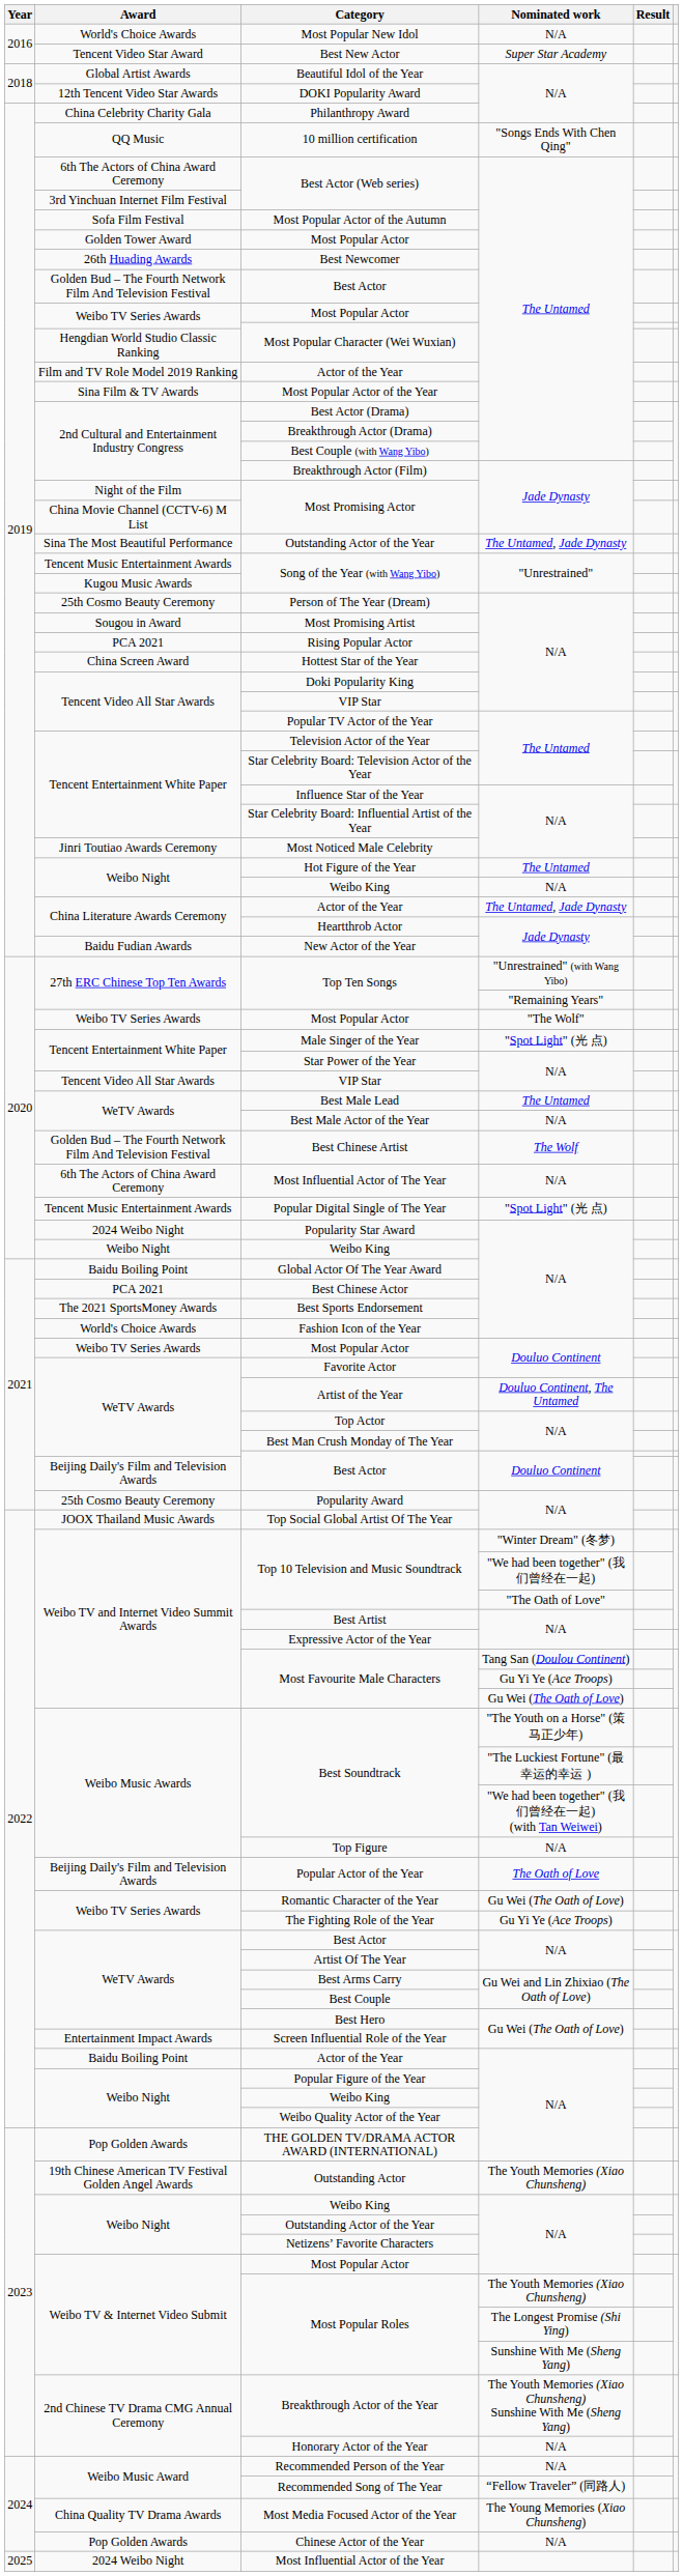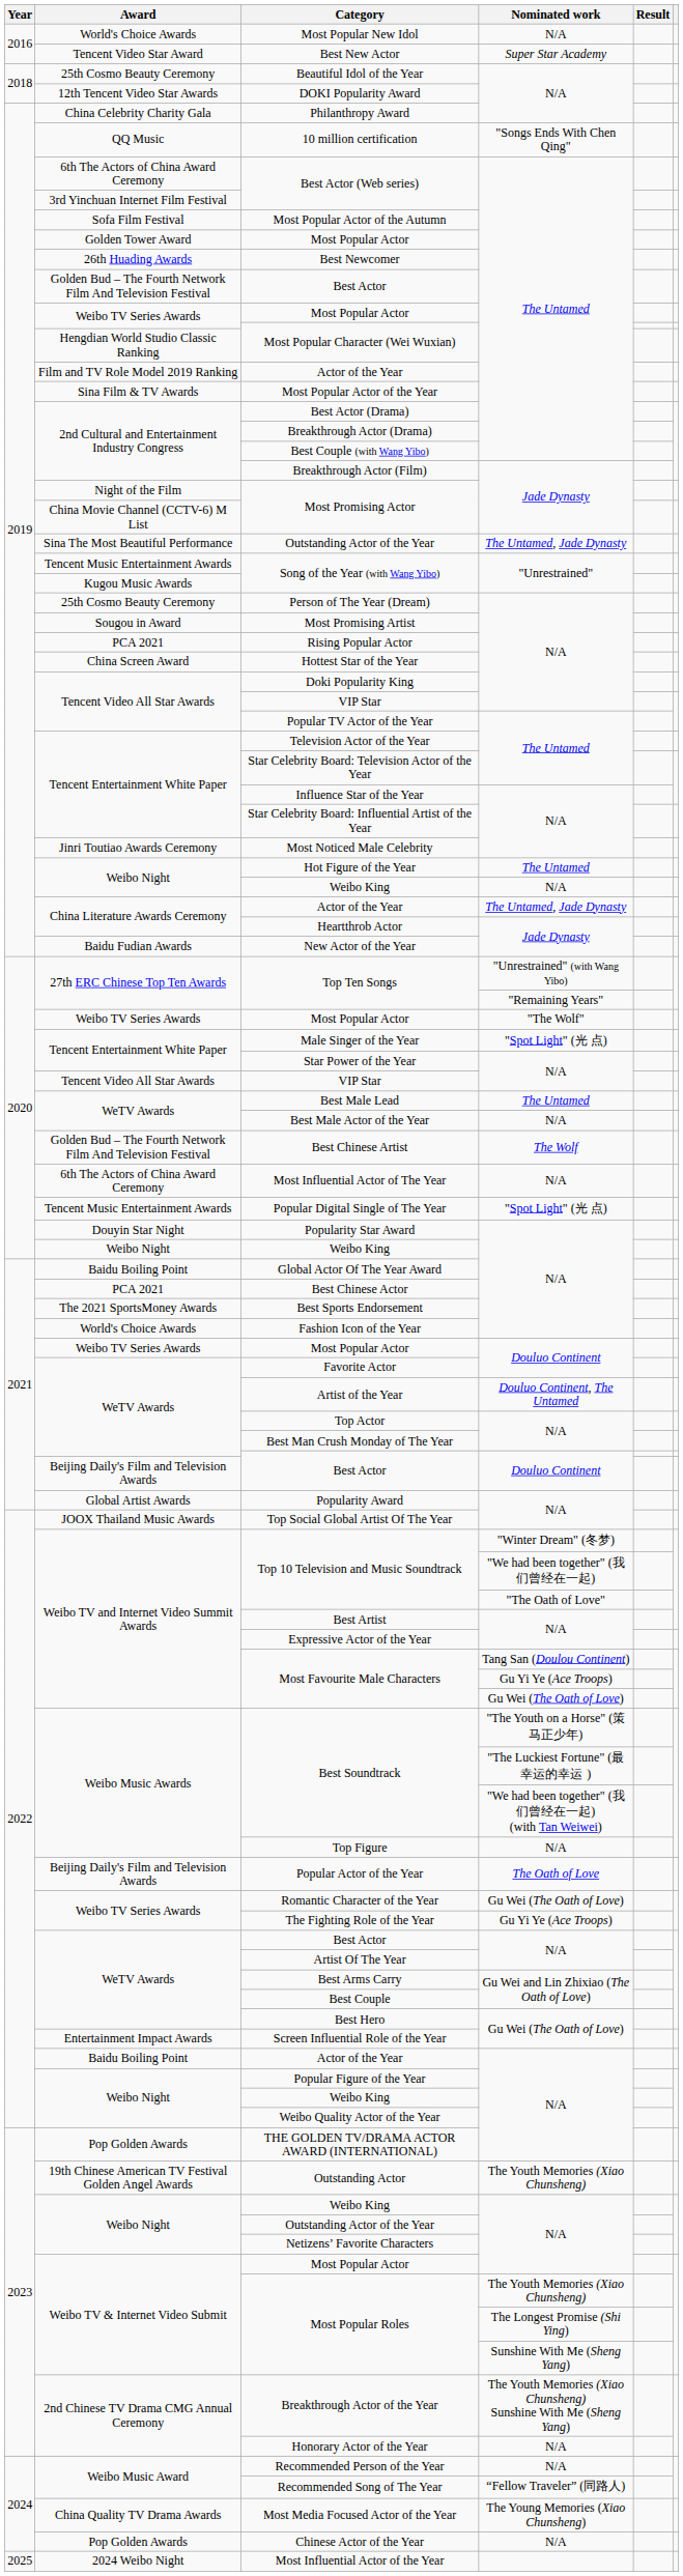 <table class="wikitable sortable plainrowheaders" style="text-align:center;">
 <tr>
 <th>Year</th>
 <th>Award</th>
 <th>Category</th>
 <th>Nominated work</th>
 <th>Result</th>
 <th class="unsortable"></th>
 </tr>
 <tr>
 <td rowspan=2>2016</td>
 <td>World's Choice Awards‌</td>
 <td>Most Popular New Idol</td>
 <td>N/A</td>
 <td></td>
 <td></td>
 </tr>
 <tr>
 <td>Tencent Video Star Award</td>
 <td>Best New Actor</td>
 <td><em>Super Star Academy</em></td>
 <td></td>
 <td></td>
 </tr>
 <tr>
 <td rowspan=2>2018</td>
-<td>Global Artist Awards</td>
+<td>25th Cosmo Beauty Ceremony</td>
 <td>Beautiful Idol of the Year</td>
 <td rowspan="3">N/A</td>
 <td></td>
 <td></td>
 </tr>
 <tr>
 <td>12th Tencent Video Star Awards</td>
 <td>DOKI Popularity Award</td>
 <td></td>
 <td></td>
 </tr>
 <tr>
 <td rowspan="39">2019</td>
 <td>China Celebrity Charity Gala</td>
 <td>Philanthropy Award</td>
 <td></td>
 <td></td>
 </tr>
 <tr>
 <td>QQ Music</td>
 <td>10 million certification</td>
 <td>"Songs Ends With Chen Qing"</td>
 <td></td>
 <td></td>
 </tr>
 <tr>
 <td>6th The Actors of China Award Ceremony</td>
 <td rowspan=2>Best Actor (Web series)</td>
 <td rowspan="14"><em><a href='#'>The Untamed</a></em></td>
 <td></td>
 <td></td>
 </tr>
 <tr>
 <td>3rd Yinchuan Internet Film Festival</td>
 <td></td>
 <td></td>
 </tr>
 <tr>
 <td>Sofa Film Festival</td>
 <td>Most Popular Actor of the Autumn</td>
 <td></td>
 <td></td>
 </tr>
 <tr>
 <td>Golden Tower Award</td>
 <td>Most Popular Actor</td>
 <td></td>
 <td></td>
 </tr>
 <tr>
 <td>26th <a href='#'>Huading Awards</a></td>
 <td>Best Newcomer</td>
 <td></td>
 <td></td>
 </tr>
 <tr>
 <td>Golden Bud – The Fourth Network Film And Television Festival</td>
 <td>Best Actor</td>
 <td></td>
 <td></td>
 </tr>
 <tr>
 <td rowspan=2>Weibo TV Series Awards</td>
 <td>Most Popular Actor</td>
 <td></td>
 <td></td>
 </tr>
 <tr>
 <td rowspan=2>Most Popular Character (Wei Wuxian)</td>
 <td></td>
 <td></td>
 </tr>
 <tr>
 <td>Hengdian World Studio Classic Ranking</td>
 <td></td>
 <td></td>
 </tr>
 <tr>
 <td>Film and TV Role Model 2019 Ranking</td>
 <td>Actor of the Year</td>
 <td></td>
 <td></td>
 </tr>
 <tr>
 <td>Sina Film & TV Awards</td>
 <td>Most Popular Actor of the Year</td>
 <td></td>
 <td></td>
 </tr>
 <tr>
 <td rowspan=4>2nd Cultural and Entertainment Industry Congress</td>
 <td>Best Actor (Drama)</td>
 <td></td>
 <td rowspan=4></td>
 </tr>
 <tr>
 <td>Breakthrough Actor (Drama)</td>
 <td></td>
 </tr>
 <tr>
 <td>Best Couple <small>(with <a href='#'>Wang Yibo</a>)</small></td>
 <td></td>
 </tr>
 <tr>
 <td>Breakthrough Actor (Film)</td>
 <td rowspan=3><em><a href='#'>Jade Dynasty</a></em></td>
 <td></td>
 </tr>
 <tr>
 <td>Night of the Film</td>
 <td rowspan=2>Most Promising Actor</td>
 <td></td>
 <td></td>
 </tr>
 <tr>
 <td>China Movie Channel (CCTV-6) M List</td>
 <td></td>
 <td></td>
 </tr>
 <tr>
 <td>Sina The Most Beautiful Performance</td>
 <td>Outstanding Actor of the Year</td>
 <td><em><a href='#'>The Untamed</a></em>, <em><a href='#'>Jade Dynasty</a></em></td>
 <td></td>
 <td></td>
 </tr>
 <tr>
 <td>Tencent Music Entertainment Awards</td>
 <td rowspan=2>Song of the Year <small>(with <a href='#'>Wang Yibo</a>)</small></td>
 <td rowspan=2! scope=row>"Unrestrained"</td>
 <td></td>
 <td></td>
 </tr>
 <tr>
 <td>Kugou Music Awards</td>
 <td></td>
 <td></td>
 </tr>
 <tr>
 <td>25th Cosmo Beauty Ceremony</td>
 <td>Person of The Year (Dream)</td>
 <td rowspan="6">N/A</td>
 <td></td>
 <td></td>
 </tr>
 <tr>
 <td>Sougou in Award</td>
 <td>Most Promising Artist</td>
 <td></td>
 <td></td>
 </tr>
 <tr>
 <td>PCA 2021</td>
 <td>Rising Popular Actor</td>
 <td></td>
 <td></td>
 </tr>
 <tr>
 <td>China Screen Award</td>
 <td>Hottest Star of the Year</td>
 <td></td>
 <td></td>
 </tr>
 <tr>
 <td rowspan=3>Tencent Video All Star Awards</td>
 <td>Doki Popularity King</td>
 <td></td>
 <td></td>
 </tr>
 <tr>
 <td>VIP Star</td>
 <td></td>
 <td rowspan=2></td>
 </tr>
 <tr>
 <td>Popular TV Actor of the Year</td>
 <td rowspan=3><em><a href='#'>The Untamed</a></em></td>
 <td></td>
 </tr>
 <tr>
 <td rowspan=4>Tencent Entertainment White Paper</td>
 <td>Television Actor of the Year</td>
 <td></td>
 <td></td>
 </tr>
 <tr>
 <td>Star Celebrity Board: Television Actor of the Year</td>
 <td></td>
 <td rowspan=2></td>
 </tr>
 <tr>
 <td>Influence Star of the Year</td>
 <td rowspan="3">N/A</td>
 <td></td>
 </tr>
 <tr>
 <td>Star Celebrity Board: Influential Artist of the Year</td>
 <td></td>
 <td></td>
 </tr>
 <tr>
 <td>Jinri Toutiao Awards Ceremony</td>
 <td>Most Noticed Male Celebrity</td>
 <td></td>
 <td></td>
 </tr>
 <tr>
 <td rowspan=2>Weibo Night</td>
 <td>Hot Figure of the Year</td>
 <td><em><a href='#'>The Untamed</a></em></td>
 <td></td>
 <td></td>
 </tr>
 <tr>
 <td>Weibo King</td>
 <td>N/A</td>
 <td></td>
 <td></td>
 </tr>
 <tr>
 <td rowspan=2>China Literature Awards Ceremony</td>
 <td>Actor of the Year</td>
 <td><em><a href='#'>The Untamed</a></em>, <em><a href='#'>Jade Dynasty</a></em></td>
 <td></td>
 <td></td>
 </tr>
 <tr>
 <td>Heartthrob Actor</td>
 <td rowspan="2"><em><a href='#'>Jade Dynasty</a></em></td>
 <td></td>
 <td></td>
 </tr>
 <tr>
 <td>Baidu Fudian Awards</td>
 <td>New Actor of the Year</td>
 <td></td>
 <td></td>
 </tr>
 <tr>
 <td rowspan="13">2020</td>
 <td rowspan=2>27th <a href='#'>ERC Chinese Top Ten Awards</a></td>
 <td rowspan=2>Top Ten Songs</td>
 <td>"Unrestrained" <small>(with Wang Yibo)</small></td>
 <td></td>
 <td rowspan=2></td>
 </tr>
 <tr>
 <td>"Remaining Years"</td>
 <td></td>
 </tr>
 <tr>
 <td>Weibo TV Series Awards</td>
 <td>Most Popular Actor</td>
 <td>"The Wolf"</td>
 <td></td>
 <td></td>
 </tr>
 <tr>
 <td rowspan=2>Tencent Entertainment White Paper</td>
 <td>Male Singer of the Year</td>
 <td>"<a href='#'>Spot Light</a>" (光 点)</td>
 <td></td>
 <td></td>
 </tr>
 <tr>
 <td>Star Power of the Year</td>
 <td rowspan="2">N/A</td>
 <td></td>
 <td></td>
 </tr>
 <tr>
 <td>Tencent Video All Star Awards</td>
 <td>VIP Star</td>
 <td></td>
 <td></td>
 </tr>
 <tr>
 <td rowspan=2>WeTV Awards</td>
 <td>Best Male Lead</td>
 <td><em><a href='#'>The Untamed</a></em></td>
 <td></td>
 <td></td>
 </tr>
 <tr>
 <td>Best Male Actor of the Year</td>
 <td>N/A</td>
 <td></td>
 <td></td>
 </tr>
 <tr>
 <td>Golden Bud – The Fourth Network Film And Television Festival</td>
 <td>Best Chinese Artist</td>
 <td><em><a href='#'>The Wolf</a></em></td>
 <td></td>
 <td></td>
 </tr>
 <tr>
 <td>6th The Actors of China Award Ceremony</td>
 <td>Most Influential Actor of The Year</td>
 <td>N/A</td>
 <td></td>
 <td></td>
 </tr>
 <tr>
 <td>Tencent Music Entertainment Awards</td>
 <td>Popular Digital Single of The Year</td>
 <td>"<a href='#'>Spot Light</a>" (光 点)</td>
 <td></td>
 <td></td>
 </tr>
 <tr>
-<td>2024 Weibo Night</td>
+<td>Douyin Star Night</td>
 <td>Popularity Star Award</td>
 <td rowspan="6">N/A</td>
 <td></td>
 <td></td>
 </tr>
 <tr>
 <td>Weibo Night</td>
 <td>Weibo King</td>
 <td></td>
 <td></td>
 </tr>
 <tr>
 <td rowspan="12">2021</td>
 <td>Baidu Boiling Point</td>
 <td>Global Actor Of The Year Award</td>
 <td></td>
 <td></td>
 </tr>
 <tr>
 <td>PCA 2021</td>
 <td>Best Chinese Actor</td>
 <td></td>
 <td></td>
 </tr>
 <tr>
 <td>The 2021 SportsMoney Awards</td>
 <td>Best Sports Endorsement</td>
 <td></td>
 <td></td>
 </tr>
 <tr>
 <td>World's Choice Awards‌</td>
 <td>Fashion Icon of the Year</td>
 <td></td>
 <td></td>
 </tr>
 <tr>
 <td>Weibo TV Series Awards</td>
 <td>Most Popular Actor</td>
 <td rowspan="2"><em><a href='#'>Douluo Continent</a></em></td>
 <td></td>
 <td></td>
 </tr>
 <tr>
 <td rowspan="5">WeTV Awards</td>
 <td>Favorite Actor</td>
 <td></td>
 <td></td>
 </tr>
 <tr>
 <td>Artist of the Year</td>
 <td><em><a href='#'>Douluo Continent</a>, <a href='#'>The Untamed</a></em></td>
 <td></td>
 <td></td>
 </tr>
 <tr>
 <td>Top Actor</td>
 <td rowspan="2">N/A</td>
 <td></td>
 <td></td>
 </tr>
 <tr>
 <td>Best Man Crush Monday of The Year</td>
 <td></td>
 <td></td>
 </tr>
 <tr>
 <td rowspan="2">Best Actor</td>
 <td rowspan="2"><em><a href='#'>Douluo Continent</a></em></td>
 <td></td>
 <td></td>
 </tr>
 <tr>
 <td>Beijing Daily's Film and Television Awards</td>
 <td></td>
 <td></td>
 </tr>
 <tr>
-<td>25th Cosmo Beauty Ceremony</td>
+<td>Global Artist Awards</td>
 <td>Popularity Award</td>
 <td rowspan="2">N/A</td>
 <td></td>
 <td></td>
 </tr>
 <tr>
 <td rowspan="26">2022</td>
 <td>JOOX Thailand Music Awards</td>
 <td>Top Social Global Artist Of The Year</td>
 <td></td>
 <td></td>
 </tr>
 <tr>
 <td rowspan="8">Weibo TV and Internet Video Summit Awards</td>
 <td rowspan="3">Top 10 Television and Music Soundtrack</td>
 <td>"Winter Dream" (冬梦)</td>
 <td></td>
 <td rowspan="4"></td>
 </tr>
 <tr>
 <td>"We had been together" (我们曾经在一起)<br></td>
 <td></td>
 </tr>
 <tr>
 <td>"The Oath of Love" <br></td>
 <td></td>
 </tr>
 <tr>
 <td>Best Artist</td>
 <td rowspan="2">N/A</td>
 <td></td>
 </tr>
 <tr>
 <td>Expressive Actor of the Year</td>
 <td></td>
 <td></td>
 </tr>
 <tr>
 <td rowspan="3">Most Favourite Male Characters</td>
 <td>Tang San (<em><a href='#'>Doulou Continent</a></em>)</td>
 <td></td>
 <td rowspan="3"></td>
 </tr>
 <tr>
 <td>Gu Yi Ye (<em>Ace Troops</em>)</td>
 <td></td>
 </tr>
 <tr>
 <td>Gu Wei (<em><a href='#'>The Oath of Love</a></em>)</td>
 <td></td>
 </tr>
 <tr>
 <td rowspan="4">Weibo Music Awards</td>
 <td rowspan="3">Best Soundtrack</td>
 <td>"The Youth on a Horse" (策马正少年)</td>
 <td></td>
 <td rowspan="4"></td>
 </tr>
 <tr>
 <td>"The Luckiest Fortune" (最幸运的幸运 )</td>
 <td></td>
 </tr>
 <tr>
 <td>"We had been together" (我们曾经在一起)<br>(with <a href='#'>Tan Weiwei</a>)</td>
 <td></td>
 </tr>
 <tr>
 <td>Top Figure</td>
 <td>N/A</td>
 <td></td>
 </tr>
 <tr>
 <td>Beijing Daily's Film and Television Awards</td>
 <td>Popular Actor of the Year</td>
 <td><em><a href='#'>The Oath of Love</a></em></td>
 <td></td>
 </tr>
 <tr>
 <td rowspan="2">Weibo TV Series Awards</td>
 <td>Romantic Character of the Year</td>
 <td>Gu Wei (<em>The Oath of Love</em>)</td>
 <td></td>
 <td rowspan="2"></td>
 </tr>
 <tr>
 <td>The Fighting Role of the Year</td>
 <td>Gu Yi Ye (<em>Ace Troops</em>)</td>
 <td></td>
 </tr>
 <tr>
 <td rowspan="5">WeTV Awards</td>
 <td>Best Actor</td>
 <td rowspan="2">N/A</td>
 <td></td>
 <td rowspan="5"></td>
 </tr>
 <tr>
 <td>Artist Of The Year</td>
 <td></td>
 </tr>
 <tr>
 <td>Best Arms Carry</td>
 <td rowspan="2">Gu Wei and Lin Zhixiao (<em>The Oath of Love</em>)</td>
 <td></td>
 </tr>
 <tr>
 <td>Best Couple</td>
 <td></td>
 </tr>
 <tr>
 <td>Best Hero</td>
 <td rowspan="2">Gu Wei (<em>The Oath of Love</em>)</td>
 <td></td>
 </tr>
 <tr>
 <td>Entertainment Impact Awards</td>
 <td>Screen Influential Role of the Year</td>
 <td></td>
 <td></td>
 </tr>
 <tr>
 <td>Baidu Boiling Point</td>
 <td>Actor of the Year</td>
 <td rowspan="5">N/A</td>
 <td></td>
 <td></td>
 </tr>
 <tr>
 <td rowspan="3">Weibo Night</td>
 <td>Popular Figure of the Year</td>
 <td></td>
 <td rowspan="3"></td>
 </tr>
 <tr>
 <td>Weibo King</td>
 <td></td>
 </tr>
 <tr>
 <td>Weibo Quality Actor of the Year</td>
 <td></td>
 </tr>
 <tr>
 <td rowspan="11">2023</td>
 <td>Pop Golden Awards</td>
 <td>THE GOLDEN TV/DRAMA ACTOR AWARD (INTERNATIONAL)</td>
 <td></td>
 <td></td>
 </tr>
 <tr>
 <td>19th Chinese American TV Festival Golden Angel Awards</td>
 <td>Outstanding Actor</td>
 <td>The Youth Memories <em>(Xiao Chunsheng)</em></td>
 <td></td>
 <td></td>
 </tr>
 <tr>
 <td rowspan="3">Weibo Night</td>
 <td>Weibo King</td>
 <td rowspan="4">N/A</td>
 <td></td>
 <td rowspan="3"></td>
 </tr>
 <tr>
 <td>Outstanding Actor of the Year</td>
 <td></td>
 </tr>
 <tr>
 <td>Netizens’ Favorite Characters</td>
 <td></td>
 </tr>
 <tr>
 <td rowspan="4">Weibo TV & Internet Video Submit</td>
 <td>Most Popular Actor</td>
 <td></td>
 <td rowspan="4"></td>
 </tr>
 <tr>
 <td rowspan="3">Most Popular Roles</td>
 <td>The Youth Memories <em>(Xiao Chunsheng)</em></td>
 <td></td>
 </tr>
 <tr>
 <td>The Longest Promise <em>(Shi Ying</em>)</td>
 <td></td>
 </tr>
 <tr>
 <td>Sunshine With Me (<em>Sheng Yang</em>)</td>
 <td></td>
 </tr>
 <tr>
 <td rowspan="2">2nd Chinese TV Drama CMG Annual Ceremony</td>
 <td>Breakthrough Actor of the Year</td>
 <td>The Youth Memories <em>(Xiao Chunsheng)</em><br>Sunshine With Me (<em>Sheng Yang</em>)</td>
 <td></td>
 <td rowspan="2"><br></td>
 </tr>
 <tr>
 <td>Honorary Actor of the Year</td>
 <td>N/A</td>
 <td></td>
 </tr>
 <tr>
 <td rowspan="4">2024</td>
 <td rowspan="2">Weibo Music Award</td>
 <td>Recommended Person of the Year</td>
 <td>N/A</td>
 <td></td>
 <td rowspan="2"></td>
 </tr>
 <tr>
 <td>Recommended Song of The Year</td>
 <td>“Fellow Traveler” (同路人)</td>
 <td></td>
 </tr>
 <tr>
 <td>China Quality TV Drama Awards</td>
 <td>Most Media Focused Actor of the Year</td>
 <td>The Young Memories (<em>Xiao Chunsheng</em>)</td>
 <td></td>
 <td></td>
 </tr>
 <tr>
 <td>Pop Golden Awards</td>
 <td>Chinese Actor of the Year</td>
 <td>N/A</td>
 <td></td>
 <td></td>
 </tr>
 <tr>
 <td>2025</td>
 <td>2024 Weibo Night</td>
 <td>Most Influential Actor of the Year</td>
 <td></td>
 <td></td>
 <td></td>
 </tr>
 </table>
